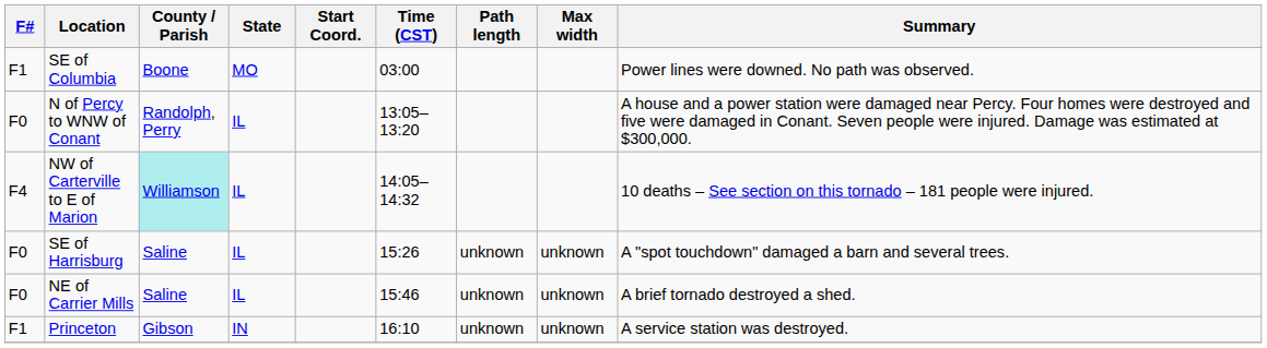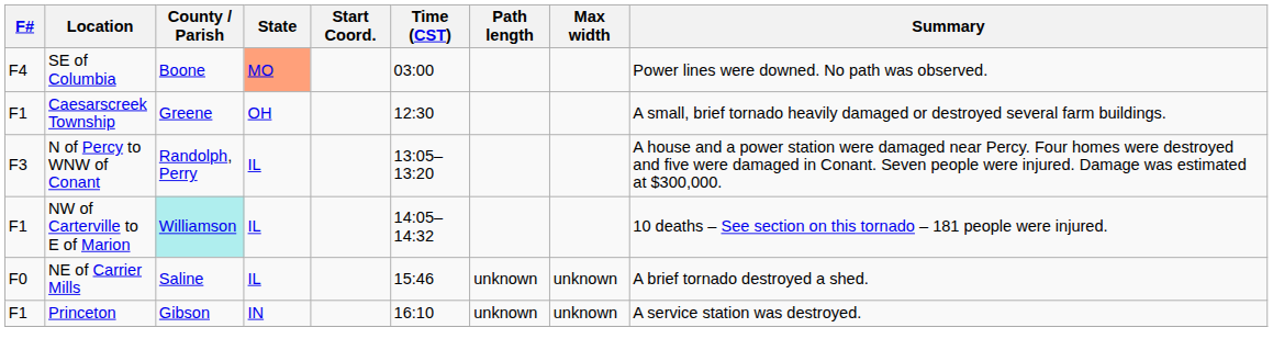 <table class="wikitable sortable" style="width:100%;">
 <tr>
 <th scope="col" width="3%" align="center"><a href='#'>F#</a></th>
 <th scope="col" width="7%" align="center" class="unsortable">Location</th>
 <th scope="col" width="6%" align="center" class="unsortable">County / Parish</th>
 <th scope="col" width="5%" align="center">State</th>
 <th scope="col" width="6%" align="center">Start Coord.</th>
 <th scope="col" width="6%" align="center">Time (<a href='#'>CST</a>)</th>
 <th scope="col" width="6%" align="center">Path length</th>
 <th scope="col" width="6%" align="center">Max width</th>
 <th scope="col" width="48%" class="unsortable" align="center">Summary</th>
 </tr>
 <tr>
-<td>F1</td>
+<td>F4</td>
 <td>SE of <a href='#'>Columbia</a></td>
 <td><a href='#'>Boone</a></td>
-<td><a href='#'>MO</a></td>
+<td style="background: lightsalmon;"><a href='#'>MO</a></td>
 <td></td>
 <td>03:00</td>
 <td></td>
 <td></td>
 <td>Power lines were downed. No path was observed.</td>
 </tr>
 <tr>
-<td>F0</td>
+<td>F1</td>
+<td><a href='#'>Caesarscreek Township</a></td>
+<td><a href='#'>Greene</a></td>
+<td><a href='#'>OH</a></td>
+<td></td>
+<td>12:30</td>
+<td></td>
+<td></td>
+<td>A small, brief tornado heavily damaged or destroyed several farm buildings.</td>
+</tr>
+<tr>
+<td>F3</td>
 <td>N of <a href='#'>Percy</a> to WNW of <a href='#'>Conant</a></td>
 <td><a href='#'>Randolph</a>, <a href='#'>Perry</a></td>
 <td><a href='#'>IL</a></td>
 <td></td>
 <td>13:05–13:20</td>
 <td></td>
 <td></td>
 <td>A house and a power station were damaged near Percy. Four homes were destroyed and five were damaged in Conant. Seven people were injured. Damage was estimated at $300,000.</td>
 </tr>
 <tr>
-<td>F4</td>
+<td>F1</td>
 <td>NW of <a href='#'>Carterville</a> to E of <a href='#'>Marion</a></td>
 <td style="background: paleturquoise;"><a href='#'>Williamson</a></td>
 <td><a href='#'>IL</a></td>
 <td></td>
 <td>14:05–14:32</td>
 <td></td>
 <td></td>
 <td>10 deaths – <a href='#'>See section on this tornado</a> – 181 people were injured.</td>
-</tr>
-<tr>
-<td>F0</td>
-<td>SE of <a href='#'>Harrisburg</a></td>
-<td><a href='#'>Saline</a></td>
-<td><a href='#'>IL</a></td>
-<td></td>
-<td>15:26</td>
-<td>unknown</td>
-<td>unknown</td>
-<td>A "spot touchdown" damaged a barn and several trees.</td>
 </tr>
 <tr>
 <td>F0</td>
 <td>NE of <a href='#'>Carrier Mills</a></td>
 <td><a href='#'>Saline</a></td>
 <td><a href='#'>IL</a></td>
 <td></td>
 <td>15:46</td>
 <td>unknown</td>
 <td>unknown</td>
 <td>A brief tornado destroyed a shed.</td>
 </tr>
 <tr>
 <td>F1</td>
 <td><a href='#'>Princeton</a></td>
 <td><a href='#'>Gibson</a></td>
 <td><a href='#'>IN</a></td>
 <td></td>
 <td>16:10</td>
 <td>unknown</td>
 <td>unknown</td>
 <td>A service station was destroyed.</td>
 </tr>
 <tr>
 </tr>
 </table>
